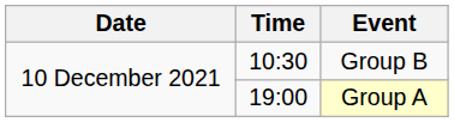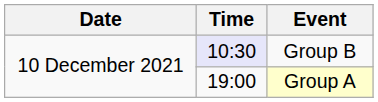 <table class = "wikitable" style="text-align:center;">
 <tr>
 <th width=150>Date</th>
 <th width=50>Time</th>
 <th width=80>Event</th>
 </tr>
 <tr>
 <td rowspan=2>10 December 2021</td>
-<td>10:30</td>
+<td style="background: lavender;">10:30</td>
 <td>Group B</td>
 </tr>
 <tr>
 <td>19:00</td>
 <td bgcolor=ffffcc>Group A</td>
 </tr>
 </table>
